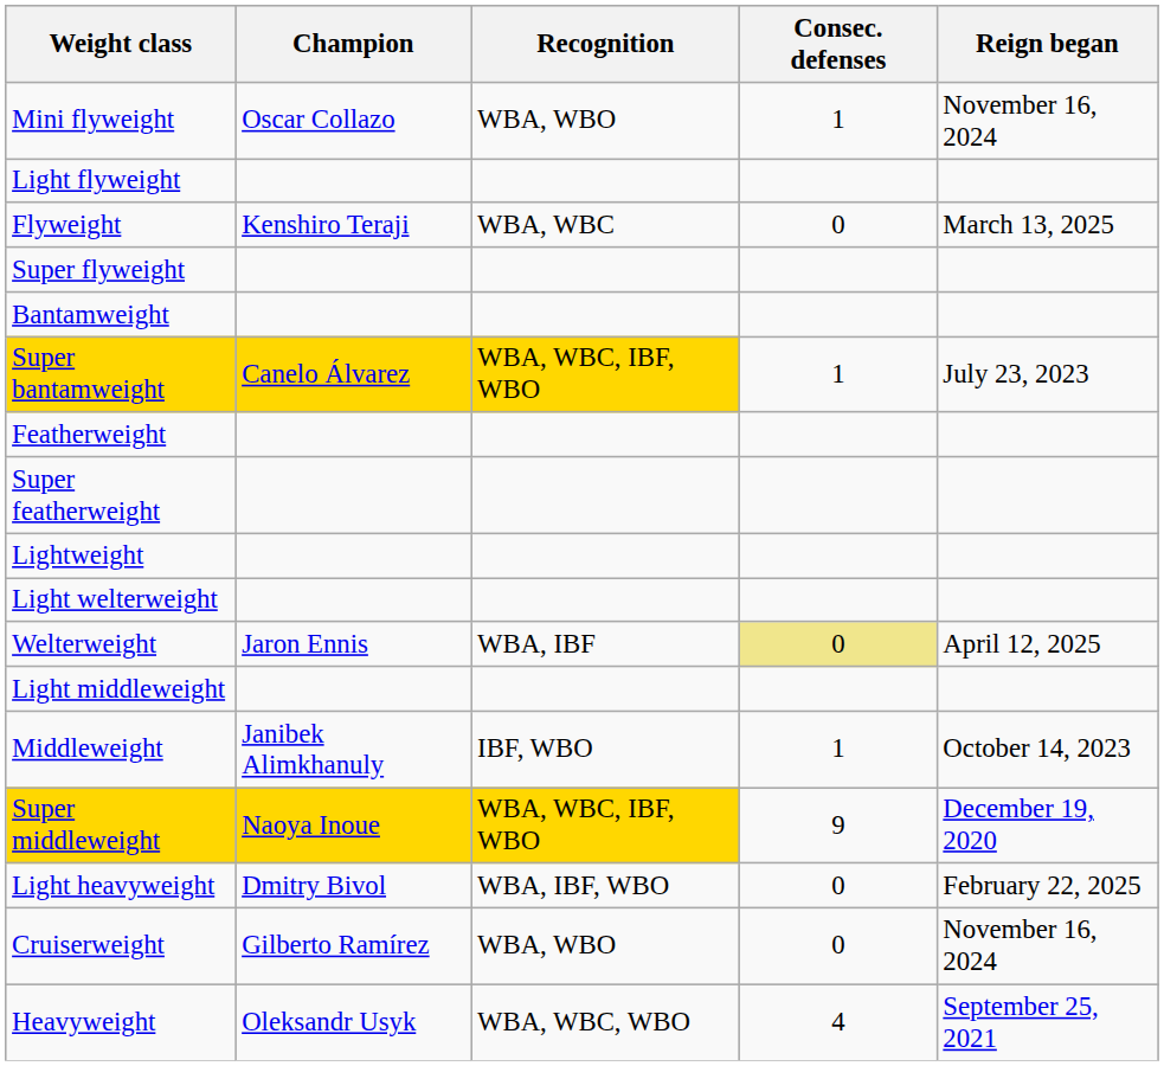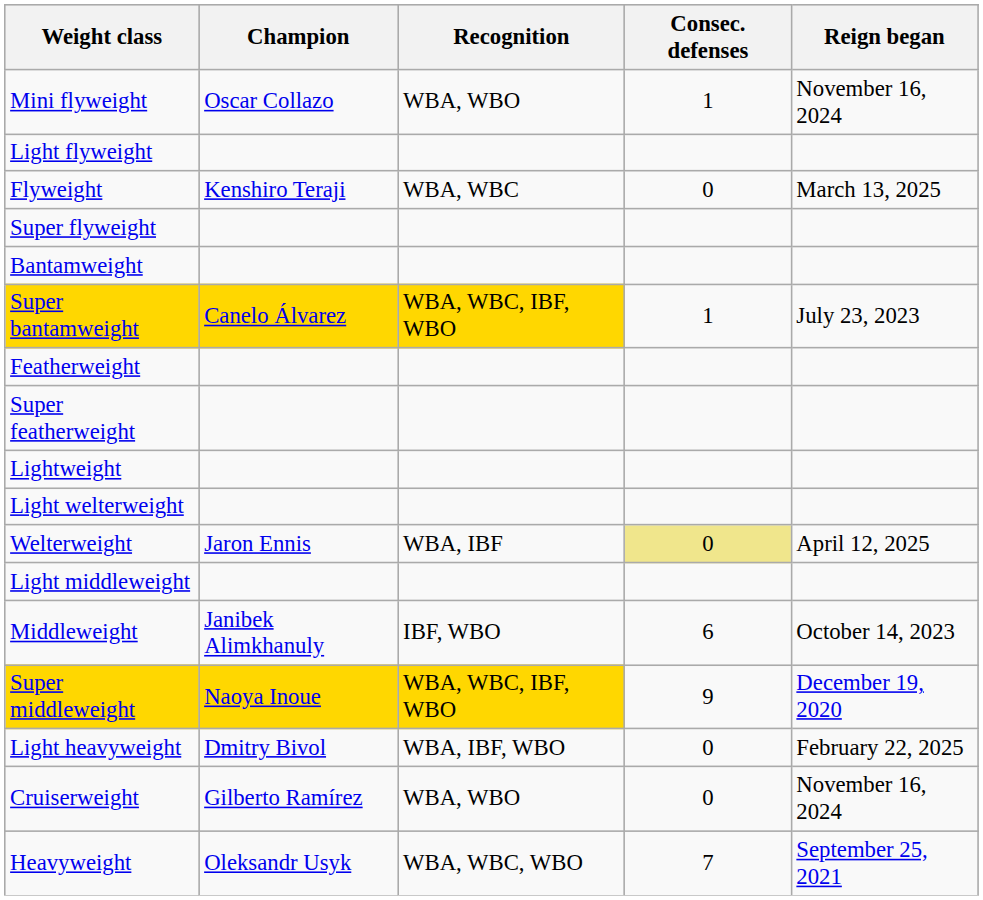 <table class="wikitable sortable" style="font-size:90%;  margin:0 .5em .5em 0; margin-top:.5em; margin-bottom:.5em; border:1px solid #CCC; border-collapse:collapse; text-align:left;">
 <tr>
 <th>Weight class</th>
 <th>Champion</th>
 <th>Recognition</th>
 <th>Consec. defenses</th>
 <th>Reign began</th>
 </tr>
 <tr>
 <td><a href='#'>Mini flyweight</a></td>
 <td><a href='#'>Oscar Collazo</a></td>
 <td>WBA, WBO</td>
 <td align="center">1</td>
 <td>November 16, 2024</td>
 </tr>
 <tr>
 <td><a href='#'>Light flyweight</a></td>
 <td></td>
 <td></td>
 <td></td>
 <td></td>
 </tr>
 <tr>
 <td><a href='#'>Flyweight</a></td>
 <td><a href='#'>Kenshiro Teraji</a></td>
 <td>WBA, WBC</td>
 <td align="center">0</td>
 <td>March 13, 2025</td>
 </tr>
 <tr>
 <td><a href='#'>Super flyweight</a></td>
 <td></td>
 <td></td>
 <td></td>
 <td></td>
 </tr>
 <tr>
 <td><a href='#'>Bantamweight</a></td>
 <td></td>
 <td></td>
 <td></td>
 <td></td>
 </tr>
 <tr>
 <td bgcolor=gold><a href='#'>Super bantamweight</a></td>
 <td bgcolor=gold><a href='#'>Canelo Álvarez</a></td>
 <td bgcolor=gold>WBA, WBC, IBF, WBO</td>
 <td align="center">1</td>
 <td>July 23, 2023</td>
 </tr>
 <tr>
 <td><a href='#'>Featherweight</a></td>
 <td></td>
 <td></td>
 <td></td>
 <td></td>
 </tr>
 <tr>
 <td><a href='#'>Super featherweight</a></td>
 <td></td>
 <td></td>
 <td></td>
 <td></td>
 </tr>
 <tr>
 <td><a href='#'>Lightweight</a></td>
 <td></td>
 <td></td>
 <td align="center"></td>
 <td></td>
 </tr>
 <tr>
 <td><a href='#'>Light welterweight</a></td>
 <td></td>
 <td></td>
 <td align="center"></td>
 <td></td>
 </tr>
 <tr>
 <td><a href='#'>Welterweight</a></td>
 <td><a href='#'>Jaron Ennis</a></td>
 <td>WBA, IBF</td>
 <td align="center" style="background: khaki;">0</td>
 <td>April 12, 2025</td>
 </tr>
 <tr>
 <td><a href='#'>Light middleweight</a></td>
 <td></td>
 <td></td>
 <td></td>
 <td></td>
 </tr>
 <tr>
 <td><a href='#'>Middleweight</a></td>
 <td><a href='#'>Janibek Alimkhanuly</a></td>
 <td>IBF, WBO</td>
-<td align="center">1</td>
+<td align="center">6</td>
 <td>October 14, 2023</td>
 </tr>
 <tr>
 <td bgcolor=gold><a href='#'>Super middleweight</a></td>
 <td bgcolor=gold><a href='#'>Naoya Inoue</a></td>
 <td bgcolor=gold>WBA, WBC, IBF, WBO</td>
 <td align="center">9</td>
 <td><a href='#'>December 19, 2020</a></td>
 </tr>
 <tr>
 <td><a href='#'>Light heavyweight</a></td>
 <td><a href='#'>Dmitry Bivol</a></td>
 <td>WBA, IBF, WBO</td>
 <td align="center">0</td>
 <td>February 22, 2025</td>
 </tr>
 <tr>
 <td><a href='#'>Cruiserweight</a></td>
 <td><a href='#'>Gilberto Ramírez</a></td>
 <td>WBA, WBO</td>
 <td align="center">0</td>
 <td>November 16, 2024</td>
 </tr>
 <tr>
 <td><a href='#'>Heavyweight</a></td>
 <td><a href='#'>Oleksandr Usyk</a></td>
 <td>WBA, WBC, WBO</td>
-<td align="center">4</td>
+<td align="center">7</td>
 <td><a href='#'>September 25, 2021</a></td>
 </tr>
 <tr>
 </tr>
 </table>
